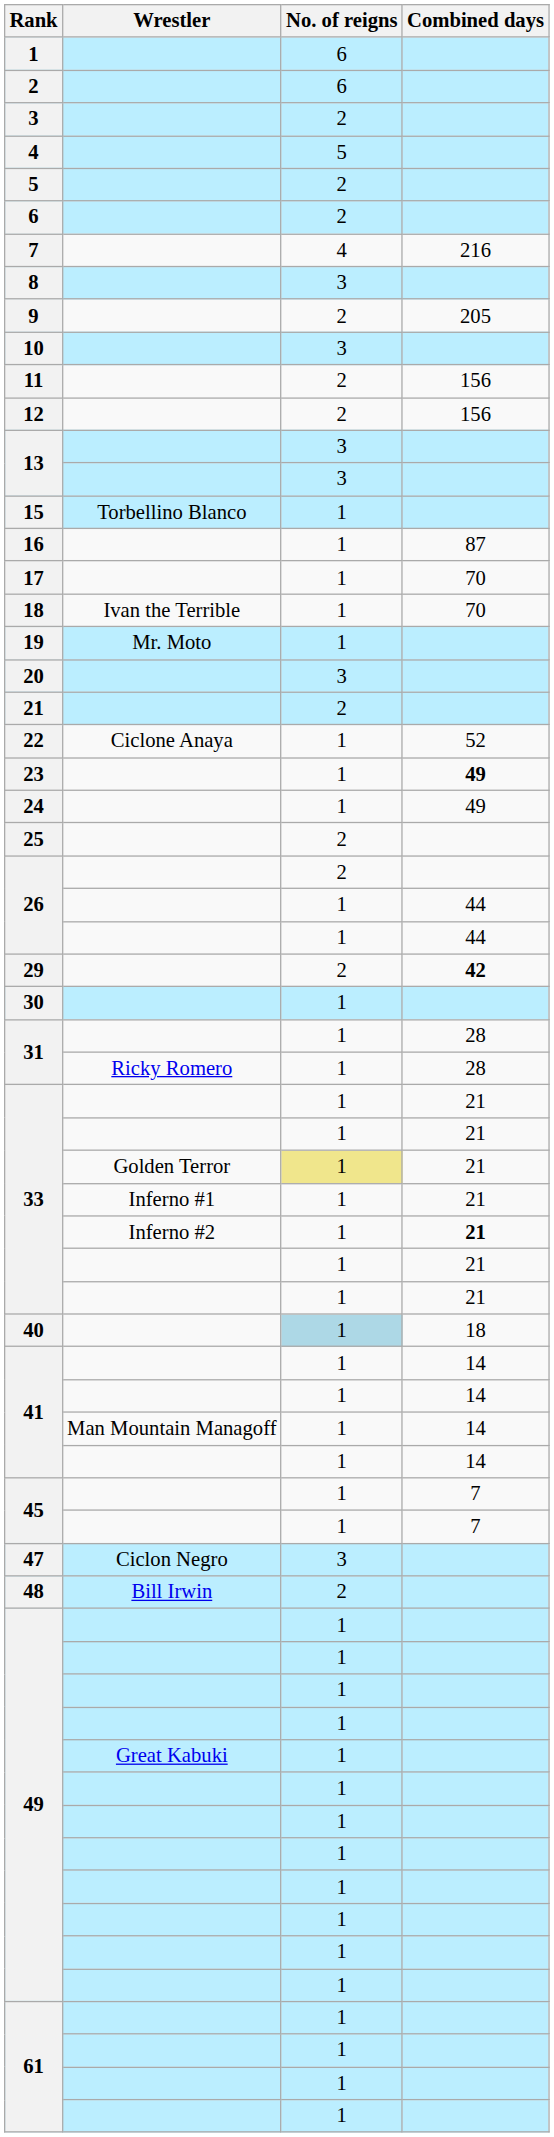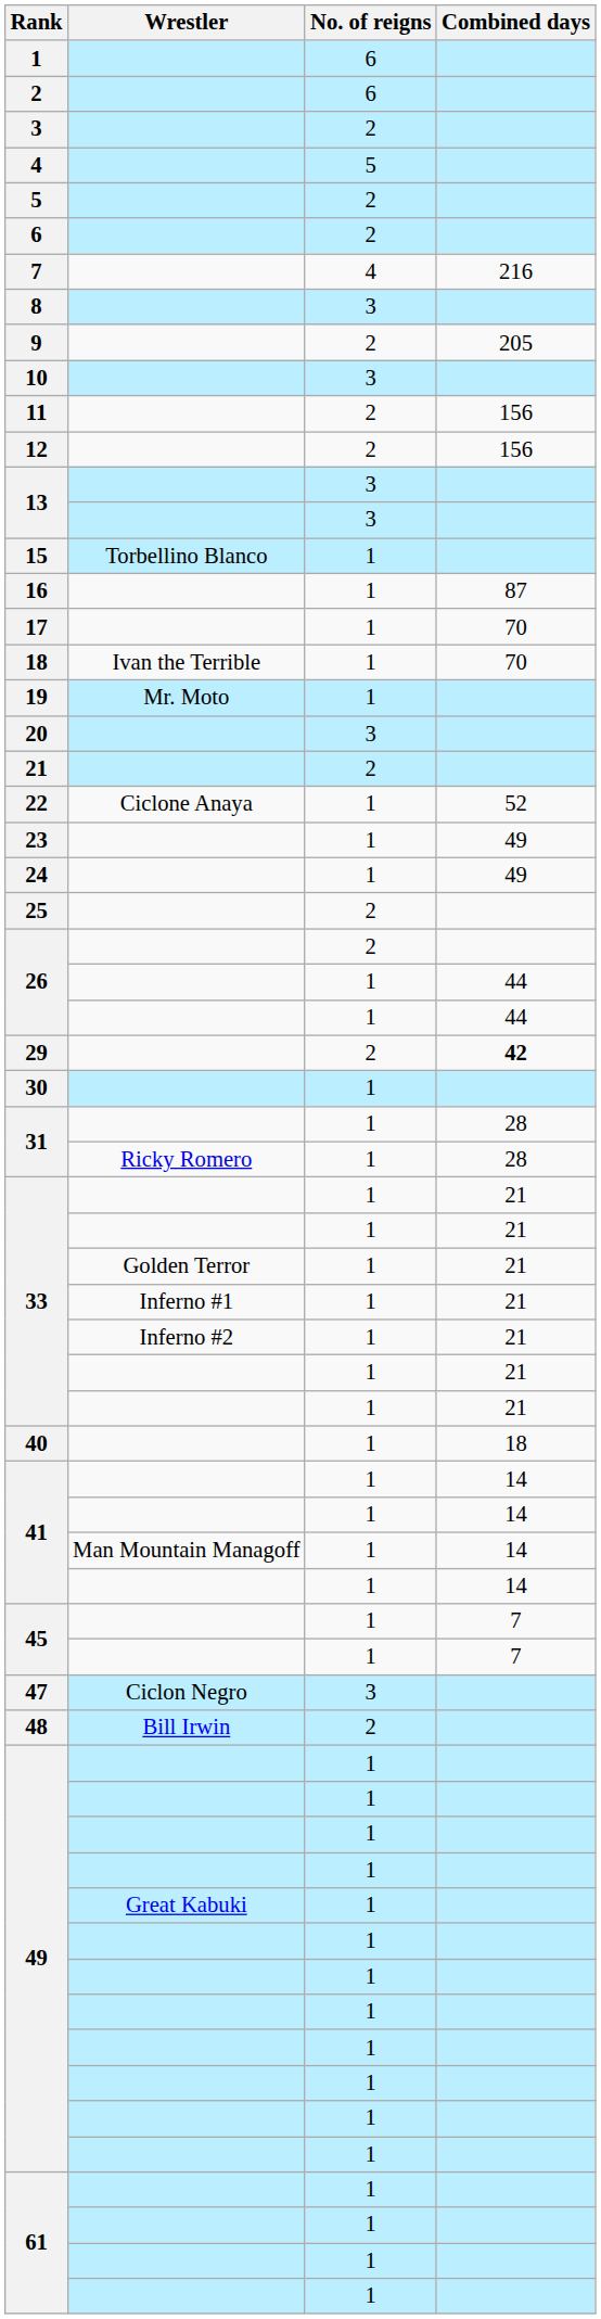 <table class="wikitable sortable" style="text-align: center">
 <tr>
 <th data-sort-type="number" scope="col">Rank</th>
 <th scope="col">Wrestler</th>
 <th data-sort-type="number" scope="col">No. of reigns</th>
 <th data-sort-type="number" scope="col">Combined days</th>
 </tr>
 <tr style="background-color:#bbeeff">
 <th scope="row">1</th>
 <td></td>
 <td>6</td>
 <td></td>
 </tr>
 <tr style="background-color:#bbeeff">
 <th scope="row">2</th>
 <td></td>
 <td>6</td>
 <td></td>
 </tr>
 <tr style="background-color:#bbeeff">
 <th scope="row">3</th>
 <td></td>
 <td>2</td>
 <td></td>
 </tr>
 <tr style="background-color:#bbeeff">
 <th scope="row">4</th>
 <td></td>
 <td>5</td>
 <td></td>
 </tr>
 <tr style="background-color:#bbeeff">
 <th scope="row">5</th>
 <td></td>
 <td>2</td>
 <td></td>
 </tr>
 <tr style="background-color:#bbeeff">
 <th scope="row">6</th>
 <td></td>
 <td>2</td>
 <td></td>
 </tr>
 <tr>
 <th scope="row">7</th>
 <td></td>
 <td>4</td>
 <td>216</td>
 </tr>
 <tr style="background-color:#bbeeff">
 <th scope="row">8</th>
 <td></td>
 <td>3</td>
 <td></td>
 </tr>
 <tr>
 <th scope="row">9</th>
 <td></td>
 <td>2</td>
 <td>205</td>
 </tr>
 <tr style="background-color:#bbeeff">
 <th scope="row">10</th>
 <td></td>
 <td>3</td>
 <td></td>
 </tr>
 <tr>
 <th scope="row">11</th>
 <td></td>
 <td>2</td>
 <td>156</td>
 </tr>
 <tr>
 <th scope="row">12</th>
 <td></td>
 <td>2</td>
 <td>156</td>
 </tr>
 <tr style="background-color:#bbeeff">
 <th rowspan=2 scope="row">13</th>
 <td></td>
 <td>3</td>
 <td></td>
 </tr>
 <tr style="background-color:#bbeeff">
 <td></td>
 <td>3</td>
 <td></td>
 </tr>
 <tr style="background-color:#bbeeff">
 <th scope="row">15</th>
 <td>Torbellino Blanco</td>
 <td>1</td>
 <td></td>
 </tr>
 <tr>
 <th scope="row">16</th>
 <td></td>
 <td>1</td>
 <td>87</td>
 </tr>
 <tr>
 <th scope="row">17</th>
 <td></td>
 <td>1</td>
 <td>70</td>
 </tr>
 <tr>
 <th scope="row">18</th>
 <td>Ivan the Terrible</td>
 <td>1</td>
 <td>70</td>
 </tr>
 <tr style="background-color:#bbeeff">
 <th scope="row">19</th>
 <td>Mr. Moto</td>
 <td>1</td>
 <td></td>
 </tr>
 <tr style="background-color:#bbeeff">
 <th scope="row">20</th>
 <td></td>
 <td>3</td>
 <td></td>
 </tr>
 <tr style="background-color:#bbeeff">
 <th scope="row">21</th>
 <td></td>
 <td>2</td>
 <td></td>
 </tr>
 <tr>
 <th scope="row">22</th>
 <td>Ciclone Anaya</td>
 <td>1</td>
 <td>52</td>
 </tr>
 <tr>
 <th scope="row">23</th>
 <td></td>
 <td>1</td>
-<td><strong>49</strong></td>
+<td>49</td>
 </tr>
 <tr>
 <th scope="row">24</th>
 <td></td>
 <td>1</td>
 <td>49</td>
 </tr>
 <tr>
 <th scope="row">25</th>
 <td></td>
 <td>2</td>
 <td></td>
 </tr>
 <tr>
 <th rowspan=3 scope="row">26</th>
 <td></td>
 <td>2</td>
 <td></td>
 </tr>
 <tr>
 <td></td>
 <td>1</td>
 <td>44</td>
 </tr>
 <tr>
 <td></td>
 <td>1</td>
 <td>44</td>
 </tr>
 <tr>
 <th scope="row">29</th>
 <td></td>
 <td>2</td>
 <td><strong>42</strong></td>
 </tr>
 <tr style="background-color:#bbeeff">
 <th scope="row">30</th>
 <td></td>
 <td>1</td>
 <td></td>
 </tr>
 <tr>
 <th rowspan=2 scope="row">31</th>
 <td></td>
 <td>1</td>
 <td>28</td>
 </tr>
 <tr>
 <td><a href='#'>Ricky Romero</a></td>
 <td>1</td>
 <td>28</td>
 </tr>
 <tr>
 <th rowspan=7 scope="row">33</th>
 <td></td>
 <td>1</td>
 <td>21</td>
 </tr>
 <tr>
 <td></td>
 <td>1</td>
 <td>21</td>
 </tr>
 <tr>
 <td>Golden Terror</td>
-<td style="background: khaki;">1</td>
+<td>1</td>
 <td>21</td>
 </tr>
 <tr>
 <td>Inferno #1</td>
 <td>1</td>
 <td>21</td>
 </tr>
 <tr>
 <td>Inferno #2</td>
 <td>1</td>
-<td><strong>21</strong></td>
+<td>21</td>
 </tr>
 <tr>
 <td></td>
 <td>1</td>
 <td>21</td>
 </tr>
 <tr>
 <td></td>
 <td>1</td>
 <td>21</td>
 </tr>
 <tr>
 <th scope="row">40</th>
 <td></td>
-<td style="background: lightblue;">1</td>
+<td>1</td>
 <td>18</td>
 </tr>
 <tr>
 <th rowspan=4 scope="row">41</th>
 <td></td>
 <td>1</td>
 <td>14</td>
 </tr>
 <tr>
 <td></td>
 <td>1</td>
 <td>14</td>
 </tr>
 <tr>
 <td>Man Mountain Managoff</td>
 <td>1</td>
 <td>14</td>
 </tr>
 <tr>
 <td></td>
 <td>1</td>
 <td>14</td>
 </tr>
 <tr>
 <th scope="row" rowspan=2>45</th>
 <td></td>
 <td>1</td>
 <td>7</td>
 </tr>
 <tr>
 <td></td>
 <td>1</td>
 <td>7</td>
 </tr>
 <tr style="background-color:#bbeeff">
 <th scope="row">47</th>
 <td>Ciclon Negro</td>
 <td>3</td>
 <td></td>
 </tr>
 <tr style="background-color:#bbeeff">
 <th scope="row">48</th>
 <td><a href='#'>Bill Irwin</a></td>
 <td>2</td>
 <td></td>
 </tr>
 <tr style="background-color:#bbeeff">
 <th scope="row" rowspan=12>49</th>
 <td></td>
 <td>1</td>
 <td></td>
 </tr>
 <tr style="background-color:#bbeeff">
 <td></td>
 <td>1</td>
 <td></td>
 </tr>
 <tr style="background-color:#bbeeff">
 <td></td>
 <td>1</td>
 <td></td>
 </tr>
 <tr style="background-color:#bbeeff">
 <td></td>
 <td>1</td>
 <td></td>
 </tr>
 <tr style="background-color:#bbeeff">
 <td><a href='#'>Great Kabuki</a></td>
 <td>1</td>
 <td></td>
 </tr>
 <tr style="background-color:#bbeeff">
 <td></td>
 <td>1</td>
 <td></td>
 </tr>
 <tr style="background-color:#bbeeff">
 <td></td>
 <td>1</td>
 <td></td>
 </tr>
 <tr style="background-color:#bbeeff">
 <td></td>
 <td>1</td>
 <td></td>
 </tr>
 <tr style="background-color:#bbeeff">
 <td></td>
 <td>1</td>
 <td></td>
 </tr>
 <tr style="background-color:#bbeeff">
 <td></td>
 <td>1</td>
 <td></td>
 </tr>
 <tr style="background-color:#bbeeff">
 <td></td>
 <td>1</td>
 <td></td>
 </tr>
 <tr style="background-color:#bbeeff">
 <td></td>
 <td>1</td>
 <td></td>
 </tr>
 <tr style="background-color:#bbeeff">
 <th scope="row" rowspan=4>61</th>
 <td></td>
 <td>1</td>
 <td></td>
 </tr>
 <tr style="background-color:#bbeeff">
 <td></td>
 <td>1</td>
 <td></td>
 </tr>
 <tr style="background-color:#bbeeff">
 <td></td>
 <td>1</td>
 <td></td>
 </tr>
 <tr style="background-color:#bbeeff">
 <td></td>
 <td>1</td>
 <td></td>
 </tr>
 </table>
